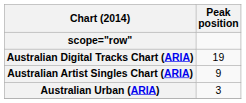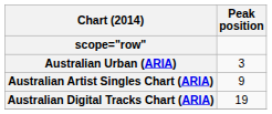 <table class="wikitable plainrowheaders sortable" style="text-align:center;">
 <tr>
 <th scope="col">Chart (2014)</th>
 <th scope="col">Peak<br>position</th>
 </tr>
 <tr>
 <th>scope="row"</th>
 </tr>
 <tr>
-<th scope="row">Australian Digital Tracks Chart (<a href='#'>ARIA</a>)</th>
-<td>19</td>
+<th scope="row">Australian Urban (<a href='#'>ARIA</a>)</th>
+<td>3</td>
 </tr>
 <tr>
 <th scope="row">Australian Artist Singles Chart (<a href='#'>ARIA</a>)</th>
 <td>9</td>
 </tr>
 <tr>
-<th scope="row">Australian Urban (<a href='#'>ARIA</a>)</th>
-<td>3</td>
+<th scope="row">Australian Digital Tracks Chart (<a href='#'>ARIA</a>)</th>
+<td>19</td>
 </tr>
 <tr>
 </tr>
 </table>
